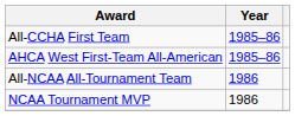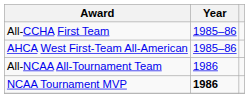 <table class="wikitable">
 <tr>
 <th>Award</th>
 <th>Year</th>
 <th></th>
 </tr>
 <tr>
 <td>All-<a href='#'>CCHA</a> <a href='#'>First Team</a></td>
 <td><a href='#'>1985–86</a></td>
 <td></td>
 </tr>
 <tr>
 <td><a href='#'>AHCA</a> <a href='#'>West First-Team All-American</a></td>
 <td><a href='#'>1985–86</a></td>
 <td></td>
 </tr>
 <tr>
 <td>All-<a href='#'>NCAA</a> <a href='#'>All-Tournament Team</a></td>
 <td><a href='#'>1986</a></td>
 <td></td>
 </tr>
 <tr>
 <td><a href='#'>NCAA Tournament MVP</a></td>
-<td>1986</td>
+<td><strong>1986</strong></td>
 <td></td>
 </tr>
 <tr>
 </tr>
 </table>
